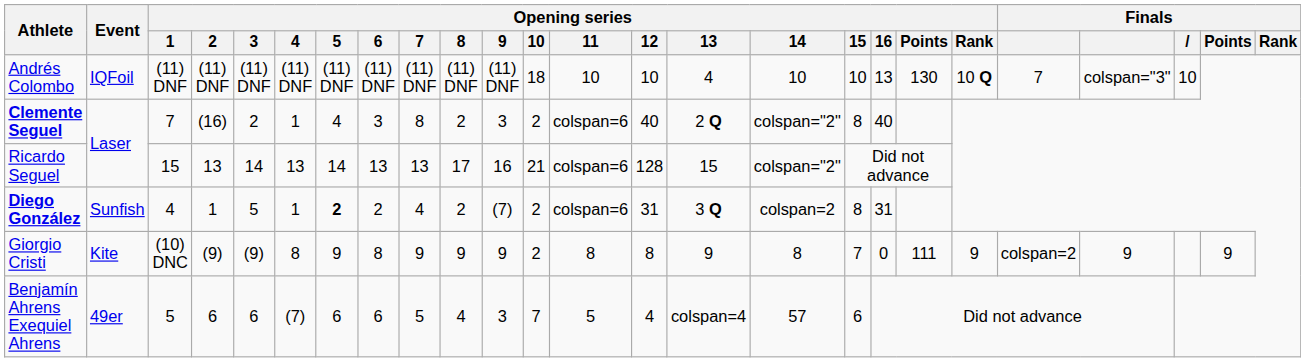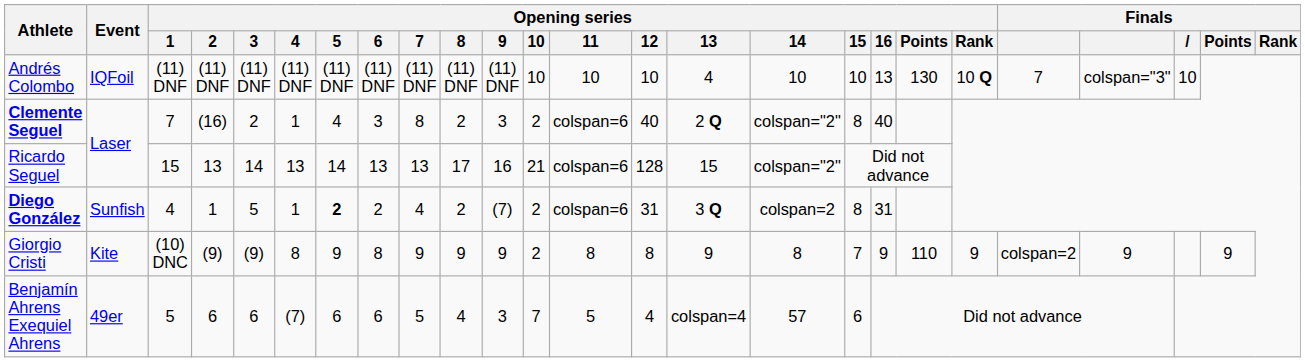 <table class=wikitable style=font-size:90%;text-align:center>
 <tr>
 <th rowspan=2>Athlete</th>
 <th rowspan=2>Event</th>
 <th colspan=18>Opening series</th>
 <th colspan=5>Finals</th>
 </tr>
 <tr style=font-size:95%>
 <th>1</th>
 <th>2</th>
 <th>3</th>
 <th>4</th>
 <th>5</th>
 <th>6</th>
 <th>7</th>
 <th>8</th>
 <th>9</th>
 <th>10</th>
 <th>11</th>
 <th>12</th>
 <th>13</th>
 <th>14</th>
 <th>15</th>
 <th>16</th>
 <th>Points</th>
 <th>Rank</th>
 <th></th>
 <th></th>
 <th> / </th>
 <th>Points</th>
 <th>Rank</th>
 </tr>
 <tr>
 <td style="text-align:left"><a href='#'>Andrés Colombo</a></td>
 <td style="text-align:left"><a href='#'>IQFoil</a></td>
 <td>(11)<br>DNF</td>
 <td>(11)<br>DNF</td>
 <td>(11)<br>DNF</td>
 <td>(11)<br>DNF</td>
 <td>(11)<br>DNF</td>
 <td>(11)<br>DNF</td>
 <td>(11)<br>DNF</td>
 <td>(11)<br>DNF</td>
 <td>(11)<br>DNF</td>
-<td>18</td>
+<td>10</td>
 <td>10</td>
 <td>10</td>
 <td>4</td>
 <td>10</td>
 <td>10</td>
 <td>13</td>
 <td>130</td>
 <td>10 <strong>Q</strong></td>
 <td>7</td>
 <td>colspan="3" </td>
 <td>10</td>
 </tr>
 <tr>
 <td style="text-align:left"><strong><a href='#'>Clemente Seguel</a></strong></td>
 <td style="text-align:left" rowspan="2"><a href='#'>Laser</a></td>
 <td>7</td>
 <td>(16)</td>
 <td>2</td>
 <td>1</td>
 <td>4</td>
 <td>3</td>
 <td>8</td>
 <td>2</td>
 <td>3</td>
 <td>2</td>
 <td>colspan=6 </td>
 <td>40</td>
 <td>2 <strong>Q</strong></td>
 <td>colspan="2" </td>
 <td>8</td>
 <td>40</td>
 <td></td>
 </tr>
 <tr>
 <td style="text-align:left"><a href='#'>Ricardo Seguel</a></td>
 <td>15</td>
 <td>13</td>
 <td>14</td>
 <td>13</td>
 <td>14</td>
 <td>13</td>
 <td>13</td>
 <td>17</td>
 <td>16</td>
 <td>21</td>
 <td>colspan=6 </td>
 <td>128</td>
 <td>15</td>
 <td>colspan="2" </td>
 <td colspan="3">Did not advance</td>
 </tr>
 <tr>
 <td style="text-align:left"><strong><a href='#'>Diego González</a></strong></td>
 <td style="text-align:left"><a href='#'>Sunfish</a></td>
 <td>4</td>
 <td>1</td>
 <td>5</td>
 <td>1</td>
 <td><strong>2</strong></td>
 <td>2</td>
 <td>4</td>
 <td>2</td>
 <td>(7)</td>
 <td>2</td>
 <td>colspan=6 </td>
 <td>31</td>
 <td>3 <strong>Q</strong></td>
 <td>colspan=2 </td>
 <td>8</td>
 <td>31</td>
 <td></td>
 </tr>
 <tr>
 <td style="text-align:left"><a href='#'>Giorgio Cristi</a></td>
 <td style="text-align:left"><a href='#'>Kite</a></td>
 <td>(10)<br>DNC</td>
 <td>(9)</td>
 <td>(9)</td>
 <td>8</td>
 <td>9</td>
 <td>8</td>
 <td>9</td>
 <td>9</td>
 <td>9</td>
 <td>2</td>
 <td>8</td>
 <td>8</td>
 <td>9</td>
 <td>8</td>
 <td>7</td>
-<td>0</td>
-<td>111</td>
+<td>9</td>
+<td>110</td>
 <td>9</td>
 <td>colspan=2 </td>
 <td>9</td>
 <td></td>
 <td>9</td>
 </tr>
 <tr>
 <td style="text-align:left"><a href='#'>Benjamín Ahrens</a><br><a href='#'>Exequiel Ahrens</a></td>
 <td style="text-align:left"><a href='#'>49er</a></td>
 <td>5</td>
 <td>6</td>
 <td>6</td>
 <td>(7)</td>
 <td>6</td>
 <td>6</td>
 <td>5</td>
 <td>4</td>
 <td>3</td>
 <td>7</td>
 <td>5</td>
 <td>4</td>
 <td>colspan=4 </td>
 <td>57</td>
 <td>6</td>
 <td colspan="5">Did not advance</td>
 </tr>
 </table>
